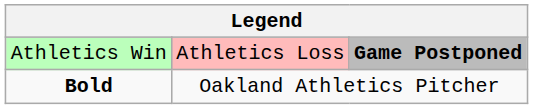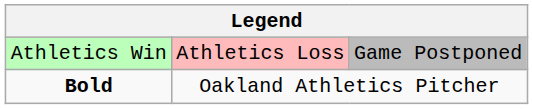 <table class="wikitable" style="margin: 1em auto 1em auto;">
 <tr>
 <th colspan="3">Legend</th>
 </tr>
 <tr>
 <td style="background:#bfb;">Athletics Win</td>
 <td style="background:#fbb;">Athletics Loss</td>
-<td style="background:#bbb;"><strong>Game Postponed</strong></td>
+<td style="background:#bbb;">Game Postponed</td>
 </tr>
 <tr style="text-align: center;">
 <td><strong>Bold</strong></td>
 <td colspan="2" style="text-align: center;">Oakland Athletics Pitcher</td>
 </tr>
 </table>
